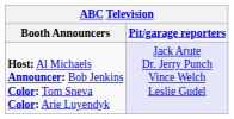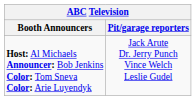 <table class="wikitable" style="font-size: 95%;">
 <tr>
 <th colspan=2><a href='#'>ABC</a> <a href='#'>Television</a></th>
 </tr>
 <tr>
 <th>Booth Announcers</th>
 <th><a href='#'>Pit/garage reporters</a></th>
 </tr>
 <tr>
 <td valign="top"><br><strong>Host:</strong> <a href='#'>Al Michaels</a><br> <strong><a href='#'>Announcer</a>:</strong> <a href='#'>Bob Jenkins</a><br> <strong><a href='#'>Color</a>:</strong> <a href='#'>Tom Sneva</a><br> <strong><a href='#'>Color</a>:</strong> <a href='#'>Arie Luyendyk</a><br></td>
-<td align="center" valign="top" style="background: lavender;"><a href='#'>Jack Arute</a><br><a href='#'>Dr. Jerry Punch</a><br><a href='#'>Vince Welch</a><br><a href='#'>Leslie Gudel</a></td>
+<td align="center" valign="top"><a href='#'>Jack Arute</a><br><a href='#'>Dr. Jerry Punch</a><br><a href='#'>Vince Welch</a><br><a href='#'>Leslie Gudel</a></td>
 </tr>
 </table>
